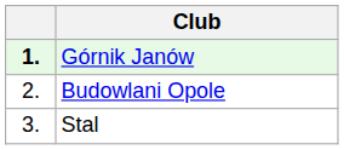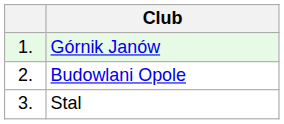 <table class="wikitable">
 <tr>
 <th width="30"></th>
 <th width="200">Club</th>
 </tr>
 <tr bgcolor="#e6fae6" align="center">
-<td><strong>1.</strong></td>
+<td>1.</td>
 <td align="left"><a href='#'>Górnik Janów</a></td>
 </tr>
 <tr bgcolor="#FFFFFF" align="center">
 <td>2.</td>
 <td align="left"><a href='#'>Budowlani Opole</a></td>
 </tr>
 <tr bgcolor="#FFFFFF" align="center">
 <td>3.</td>
 <td align="left">Stal</td>
 </tr>
 </table>
